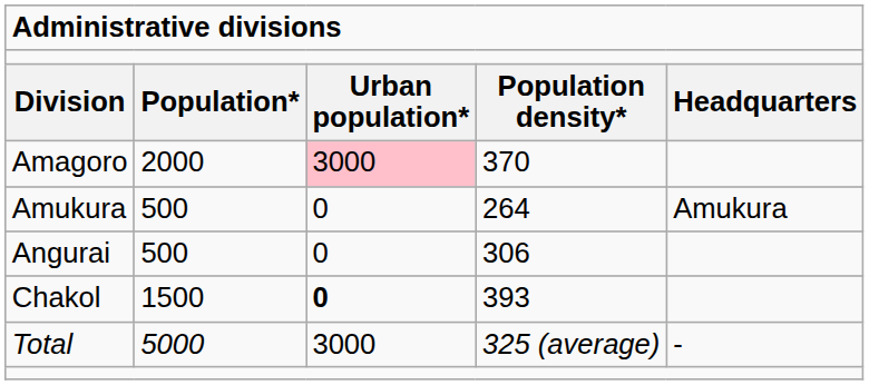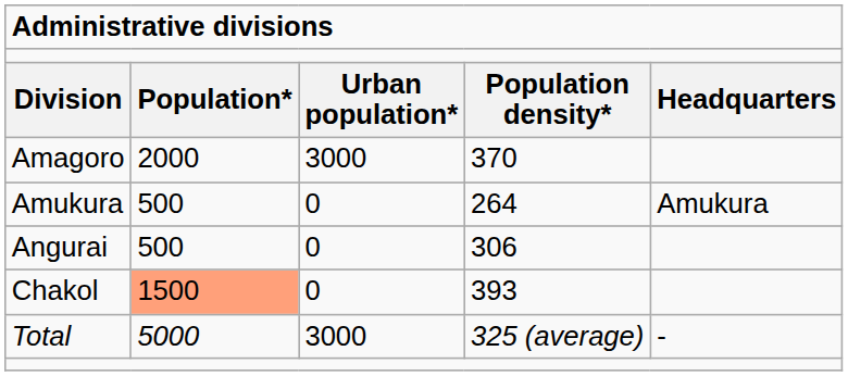 <table class="wikitable">
 <tr>
 <td colspan="5"><strong>Administrative divisions</strong></td>
 </tr>
 <tr>
 <td colspan="5"></td>
 </tr>
 <tr>
 <th>Division</th>
 <th>Population*</th>
 <th>Urban<br>population*</th>
 <th>Population<br>density*</th>
 <th>Headquarters</th>
 </tr>
 <tr>
 <td>Amagoro</td>
 <td>2000</td>
-<td style="background: pink;">3000</td>
+<td>3000</td>
 <td>370</td>
 <td></td>
 </tr>
 <tr>
 <td>Amukura</td>
 <td>500</td>
 <td>0</td>
 <td>264</td>
 <td>Amukura</td>
 </tr>
 <tr>
 <td>Angurai</td>
 <td>500</td>
 <td>0</td>
 <td>306</td>
 <td></td>
 </tr>
 <tr>
 <td>Chakol</td>
-<td>1500</td>
-<td><strong>0</strong></td>
+<td style="background: lightsalmon;">1500</td>
+<td>0</td>
 <td>393</td>
 <td></td>
 </tr>
 <tr>
 <td><em>Total</em></td>
 <td><em>5000</em></td>
 <td>3000</td>
 <td><em>325 (average)</em></td>
 <td>-</td>
 </tr>
 <tr>
 <td colspan="5"></td>
 </tr>
 </table>
